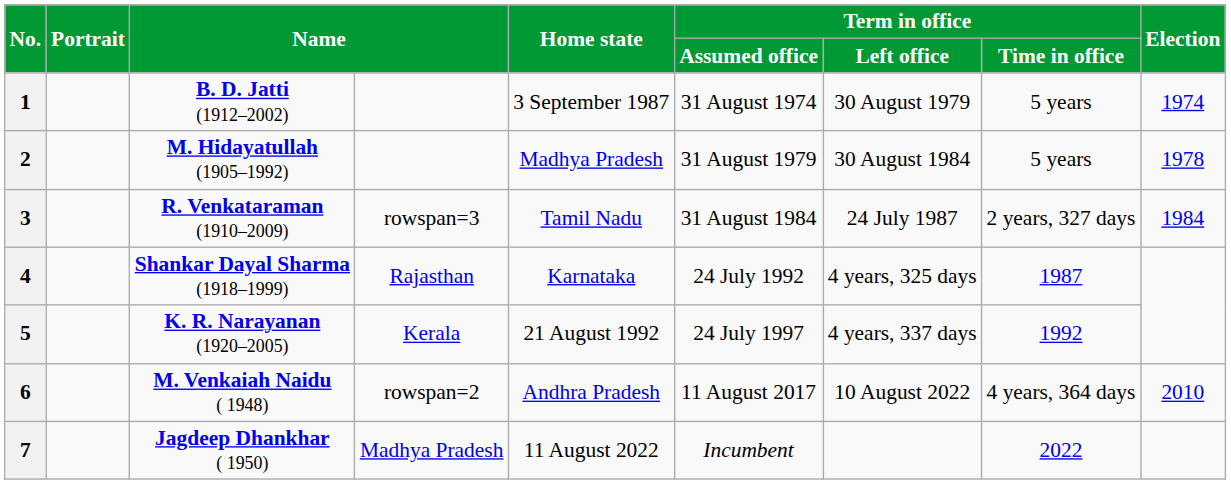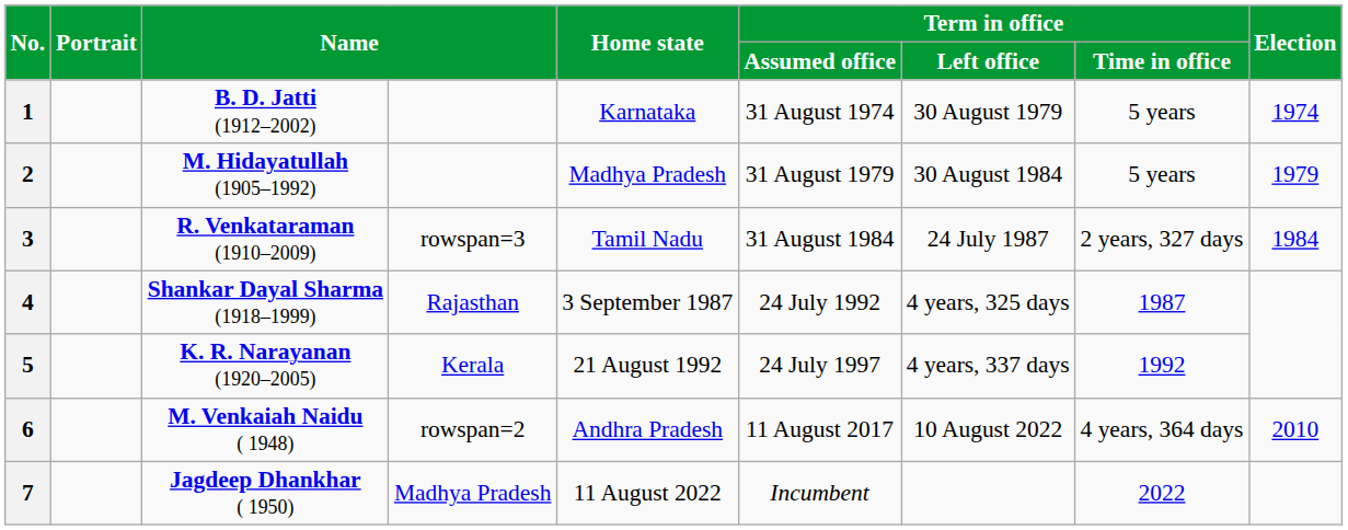 <table class="wikitable sortable" style="text-align:center;">
 <tr>
 <th rowspan=2 style="background-color:#009933;color:white">No.</th>
 <th rowspan=2 style="background-color:#009933;color:white">Portrait</th>
 <th rowspan=2 colspan=2 style="background-color:#009933;color:white">Name<br></th>
 <th rowspan=2 style="background-color:#009933;color:white">Home state</th>
 <th colspan=3 style="background-color:#009933;color:white">Term in office</th>
 <th rowspan=2 style="background-color:#009933;color:white">Election</th>
 </tr>
 <tr>
 <th style="background-color:#009933;color:white">Assumed office</th>
 <th style="background-color:#009933;color:white">Left office</th>
 <th style="background-color:#009933;color:white">Time in office</th>
 </tr>
 <tr>
 <th>1</th>
 <td></td>
 <td><strong><a href='#'>B. D. Jatti</a></strong><br><small>(1912–2002)</small></td>
 <td></td>
-<td>3 September 1987</td>
+<td><a href='#'>Karnataka</a></td>
 <td>31 August 1974</td>
 <td>30 August 1979</td>
 <td>5 years</td>
 <td><a href='#'>1974</a></td>
 </tr>
 <tr>
 <th>2</th>
 <td></td>
 <td><strong><a href='#'>M. Hidayatullah</a></strong><br><small>(1905–1992)</small></td>
 <td></td>
 <td><a href='#'>Madhya Pradesh</a></td>
 <td>31 August 1979</td>
 <td>30 August 1984</td>
 <td>5 years</td>
-<td><a href='#'>1978</a></td>
+<td><a href='#'>1979</a></td>
 </tr>
 <tr>
 <th>3</th>
 <td></td>
 <td><strong><a href='#'>R. Venkataraman</a></strong><br><small>(1910–2009)</small></td>
 <td>rowspan=3 </td>
 <td><a href='#'>Tamil Nadu</a></td>
 <td>31 August 1984</td>
 <td>24 July 1987</td>
 <td>2 years, 327 days</td>
 <td><a href='#'>1984</a></td>
 </tr>
 <tr>
 <th>4</th>
 <td></td>
 <td><strong><a href='#'>Shankar Dayal Sharma</a></strong><br><small>(1918–1999)</small></td>
 <td><a href='#'>Rajasthan</a></td>
-<td><a href='#'>Karnataka</a></td>
+<td>3 September 1987</td>
 <td>24 July 1992</td>
 <td>4 years, 325 days</td>
 <td><a href='#'>1987</a></td>
 </tr>
 <tr>
 <th>5</th>
 <td></td>
 <td><strong><a href='#'>K. R. Narayanan</a></strong><br><small>(1920–2005)</small></td>
 <td><a href='#'>Kerala</a></td>
 <td>21 August 1992</td>
 <td>24 July 1997</td>
 <td>4 years, 337 days</td>
 <td><a href='#'>1992</a></td>
 </tr>
 <tr>
 <th>6</th>
 <td></td>
 <td><strong><a href='#'>M. Venkaiah Naidu</a></strong><br><small>( 1948)</small></td>
 <td>rowspan=2 </td>
 <td><a href='#'>Andhra Pradesh</a></td>
 <td>11 August 2017</td>
 <td>10 August 2022</td>
 <td>4 years, 364 days</td>
 <td><a href='#'>2010</a></td>
 </tr>
 <tr>
 <th>7</th>
 <td></td>
 <td><strong><a href='#'>Jagdeep Dhankhar</a></strong><br><small>( 1950)</small></td>
 <td><a href='#'>Madhya Pradesh</a></td>
 <td>11 August 2022</td>
 <td><em>Incumbent</em></td>
 <td></td>
 <td><a href='#'>2022</a></td>
 </tr>
 </table>
